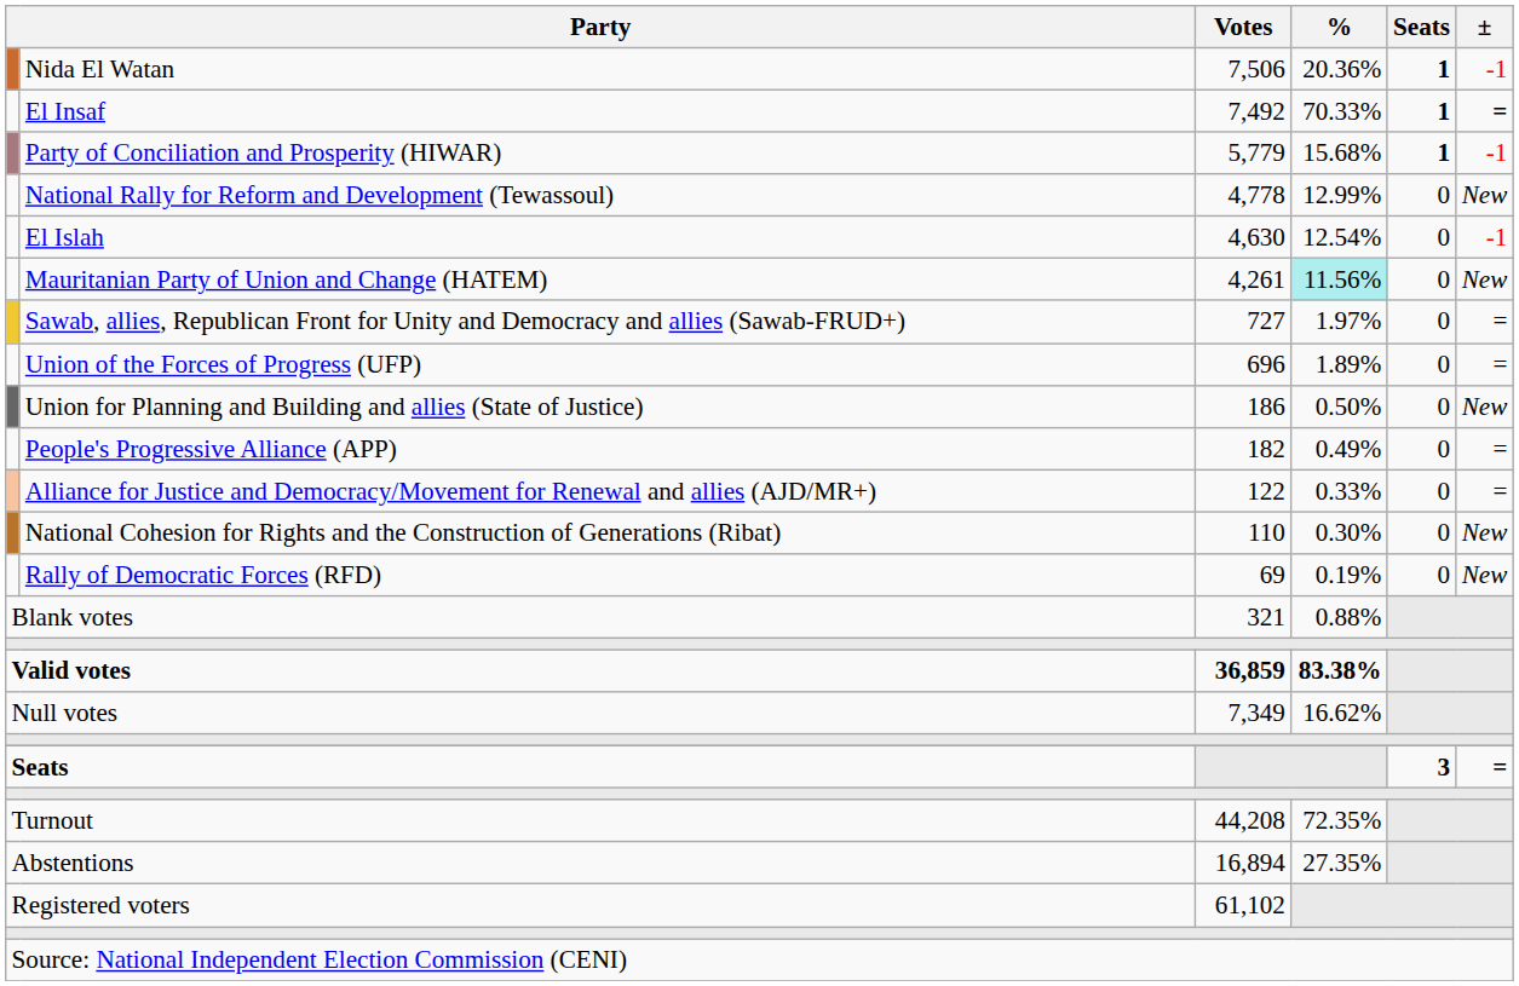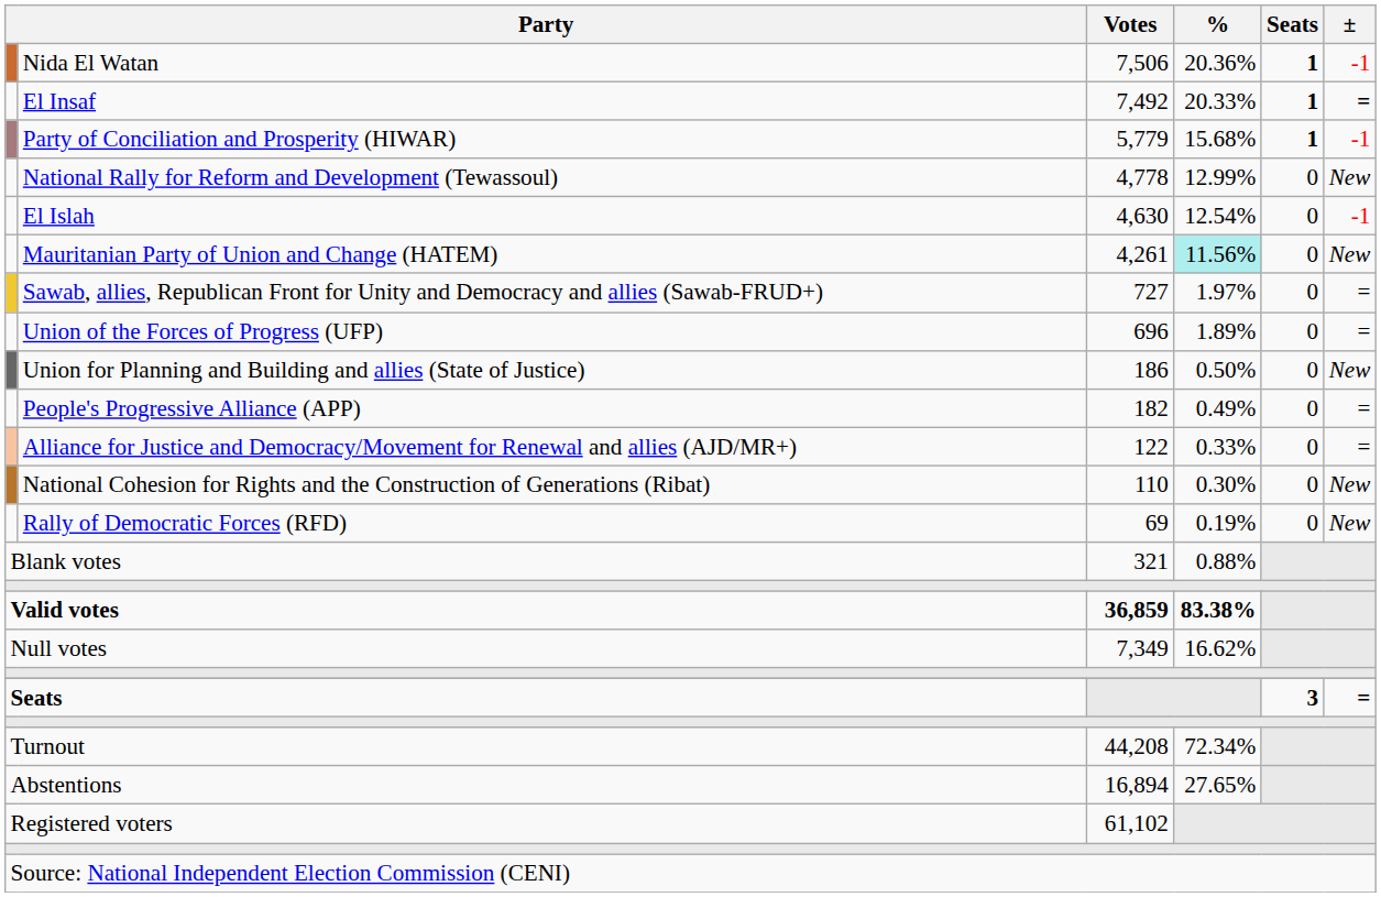 <table class="wikitable" style="text-align:right;font-size:95%;">
 <tr>
 <th width="700" colspan="2">Party</th>
 <th width="50">Votes</th>
 <th width="50">%</th>
 <th width="25">Seats</th>
 <th width="20">±</th>
 </tr>
 <tr>
 <td width="1" style="color:inherit;background:#C96A2F;"></td>
 <td style="text-align:left;">Nida El Watan</td>
 <td>7,506</td>
 <td>20.36%</td>
 <td><strong>1</strong></td>
 <td style="color:red;">-1</td>
 </tr>
 <tr>
 <td width="1" style="color:inherit;background:"></td>
 <td style="text-align:left;"><a href='#'>El Insaf</a></td>
 <td>7,492</td>
-<td>70.33%</td>
+<td>20.33%</td>
 <td><strong>1</strong></td>
 <td><strong>=</strong></td>
 </tr>
 <tr>
 <td width="1" style="color:inherit;background:#A47A7E;"></td>
 <td style="text-align:left;"><a href='#'>Party of Conciliation and Prosperity</a> (HIWAR)</td>
 <td>5,779</td>
 <td>15.68%</td>
 <td><strong>1</strong></td>
 <td style="color:red;">-1</td>
 </tr>
 <tr>
 <td width="1" style="color:inherit;background:"></td>
 <td style="text-align:left;"><a href='#'>National Rally for Reform and Development</a> (Tewassoul)</td>
 <td>4,778</td>
 <td>12.99%</td>
 <td>0</td>
 <td><em>New</em></td>
 </tr>
 <tr>
 <td width="1" style="color:inherit;background:"></td>
 <td style="text-align:left;"><a href='#'>El Islah</a></td>
 <td>4,630</td>
 <td>12.54%</td>
 <td>0</td>
 <td style="color:red;">-1</td>
 </tr>
 <tr>
 <td width="1" style="color:inherit;background:"></td>
 <td style="text-align:left;"><a href='#'>Mauritanian Party of Union and Change</a> (HATEM)</td>
 <td>4,261</td>
 <td style="background: paleturquoise;">11.56%</td>
 <td>0</td>
 <td><em>New</em></td>
 </tr>
 <tr>
 <td width="1" style="color:inherit;background:#F0C832;"></td>
 <td style="text-align:left;"><a href='#'>Sawab</a>, <a href='#'>allies</a>, Republican Front for Unity and Democracy and <a href='#'>allies</a> (Sawab-FRUD+)</td>
 <td>727</td>
 <td>1.97%</td>
 <td>0</td>
 <td>=</td>
 </tr>
 <tr>
 <td width="1" style="color:inherit;background:"></td>
 <td style="text-align:left;"><a href='#'>Union of the Forces of Progress</a> (UFP)</td>
 <td>696</td>
 <td>1.89%</td>
 <td>0</td>
 <td>=</td>
 </tr>
 <tr>
 <td width="1" style="color:inherit;background:#666666;"></td>
 <td style="text-align:left;">Union for Planning and Building and <a href='#'>allies</a> (State of Justice)</td>
 <td>186</td>
 <td>0.50%</td>
 <td>0</td>
 <td><em>New</em></td>
 </tr>
 <tr>
 <td width="1" style="color:inherit;background:"></td>
 <td style="text-align:left;"><a href='#'>People's Progressive Alliance</a> (APP)</td>
 <td>182</td>
 <td>0.49%</td>
 <td>0</td>
 <td>=</td>
 </tr>
 <tr>
 <td width="1" style="color:inherit;background:#F8C3A0;"></td>
 <td style="text-align:left;"><a href='#'>Alliance for Justice and Democracy/Movement for Renewal</a> and <a href='#'>allies</a> (AJD/MR+)</td>
 <td>122</td>
 <td>0.33%</td>
 <td>0</td>
 <td>=</td>
 </tr>
 <tr>
 <td width="1" style="color:inherit;background:#B7752C;"></td>
 <td style="text-align:left;">National Cohesion for Rights and the Construction of Generations (Ribat)</td>
 <td>110</td>
 <td>0.30%</td>
 <td>0</td>
 <td><em>New</em></td>
 </tr>
 <tr>
 <td width="1" style="color:inherit;background:"></td>
 <td style="text-align:left;"><a href='#'>Rally of Democratic Forces</a> (RFD)</td>
 <td>69</td>
 <td>0.19%</td>
 <td>0</td>
 <td><em>New</em></td>
 </tr>
 <tr>
 <td colspan="2" style="text-align:left;">Blank votes</td>
 <td>321</td>
 <td>0.88%</td>
 <td colspan="2" style="background:#E9E9E9;"></td>
 </tr>
 <tr>
 <td colspan="6" style="background:#E9E9E9;"></td>
 </tr>
 <tr style="font-weight:bold;">
 <td colspan="2" style="text-align:left;">Valid votes</td>
 <td>36,859</td>
 <td>83.38%</td>
 <td colspan="2" style="background:#E9E9E9;"></td>
 </tr>
 <tr>
 <td colspan="2" style="text-align:left;">Null votes</td>
 <td>7,349</td>
 <td>16.62%</td>
 <td colspan="2" style="background:#E9E9E9;"></td>
 </tr>
 <tr>
 <td colspan="6" style="background:#E9E9E9;"></td>
 </tr>
 <tr>
 </tr>
 <tr style="font-weight:bold;">
 <td colspan="2" style="text-align:left;">Seats</td>
 <td colspan="2" style="background:#E9E9E9;"></td>
 <td>3</td>
 <td>=</td>
 </tr>
 <tr>
 <td colspan="6" style="background:#E9E9E9;"></td>
 </tr>
 <tr>
 <td colspan="2" style="text-align:left;">Turnout</td>
 <td>44,208</td>
-<td>72.35%</td>
+<td>72.34%</td>
 <td colspan="2" style="background:#E9E9E9;"></td>
 </tr>
 <tr>
 <td colspan="2" style="text-align:left;">Abstentions</td>
 <td>16,894</td>
-<td>27.35%</td>
+<td>27.65%</td>
 <td colspan="2" style="background:#E9E9E9;"></td>
 </tr>
 <tr>
 <td colspan="2" style="text-align:left;">Registered voters</td>
 <td>61,102</td>
 <td colspan="3" style="background:#E9E9E9;"></td>
 </tr>
 <tr>
 <td colspan="6" style="background:#E9E9E9;"></td>
 </tr>
 <tr>
 <td colspan="6" style="text-align:left;">Source: <a href='#'>National Independent Election Commission</a> (CENI)</td>
 </tr>
 </table>
